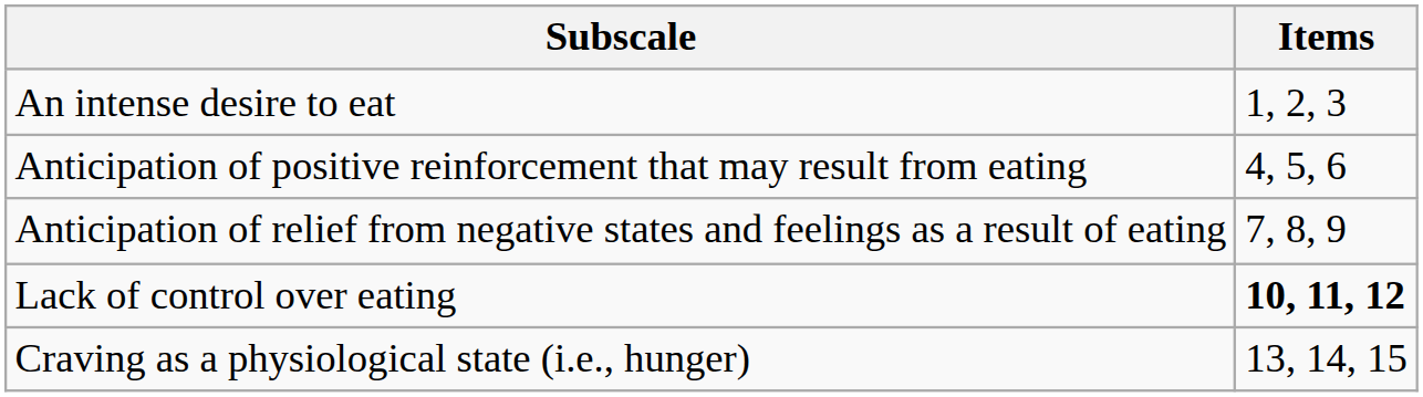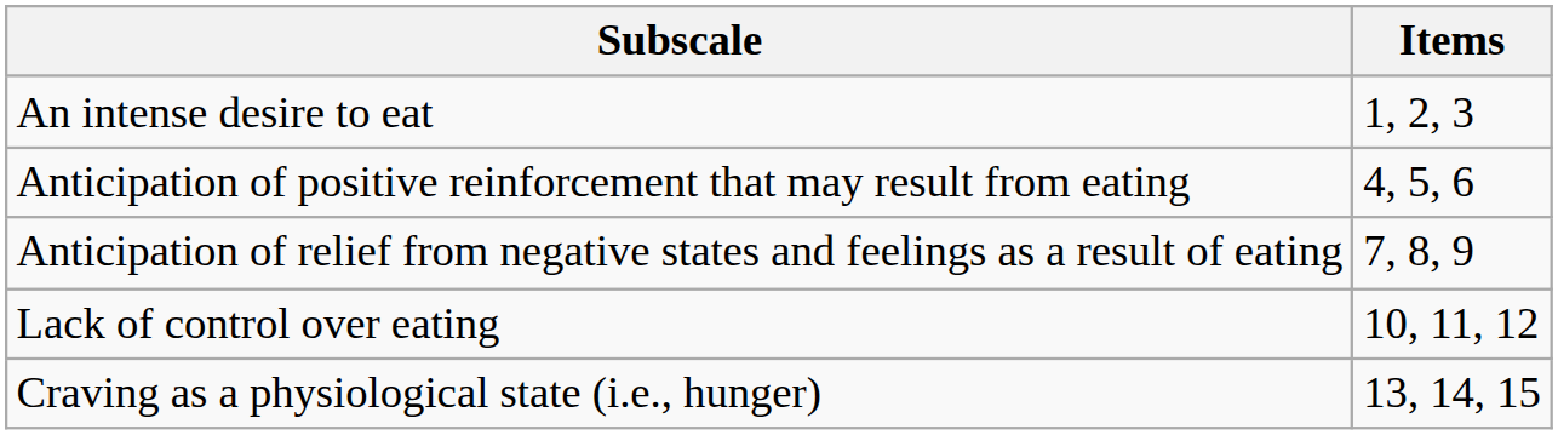 <table class="wikitable">
 <tr>
 <th>Subscale</th>
 <th>Items</th>
 </tr>
 <tr>
 <td>An intense desire to eat</td>
 <td>1, 2, 3</td>
 </tr>
 <tr>
 <td>Anticipation of positive reinforcement that may result from eating</td>
 <td>4, 5, 6</td>
 </tr>
 <tr>
 <td>Anticipation of relief from negative states and feelings as a result of eating</td>
 <td>7, 8, 9</td>
 </tr>
 <tr>
 <td>Lack of control over eating</td>
-<td><strong>10, 11, 12</strong></td>
+<td>10, 11, 12</td>
 </tr>
 <tr>
 <td>Craving as a physiological state (i.e., hunger)</td>
 <td>13, 14, 15</td>
 </tr>
 </table>
